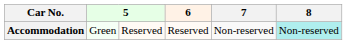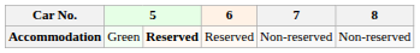 <table class="wikitable">
 <tr>
 <th>Car No.</th>
 <th colspan=2 style="background: #E6FFE6">5</th>
 <th style="background: #FFF2E6">6</th>
 <th>7</th>
 <th>8</th>
 </tr>
 <tr>
 <th>Accommodation</th>
 <td style="background: #F5FFF5">Green</td>
-<td style="background: #FFFAF5">Reserved</td>
+<td style="background: #FFFAF5"><strong>Reserved</strong></td>
 <td style="background: #FFFAF5">Reserved</td>
 <td>Non-reserved</td>
-<td style="background: paleturquoise;">Non-reserved</td>
+<td>Non-reserved</td>
 </tr>
 </table>
